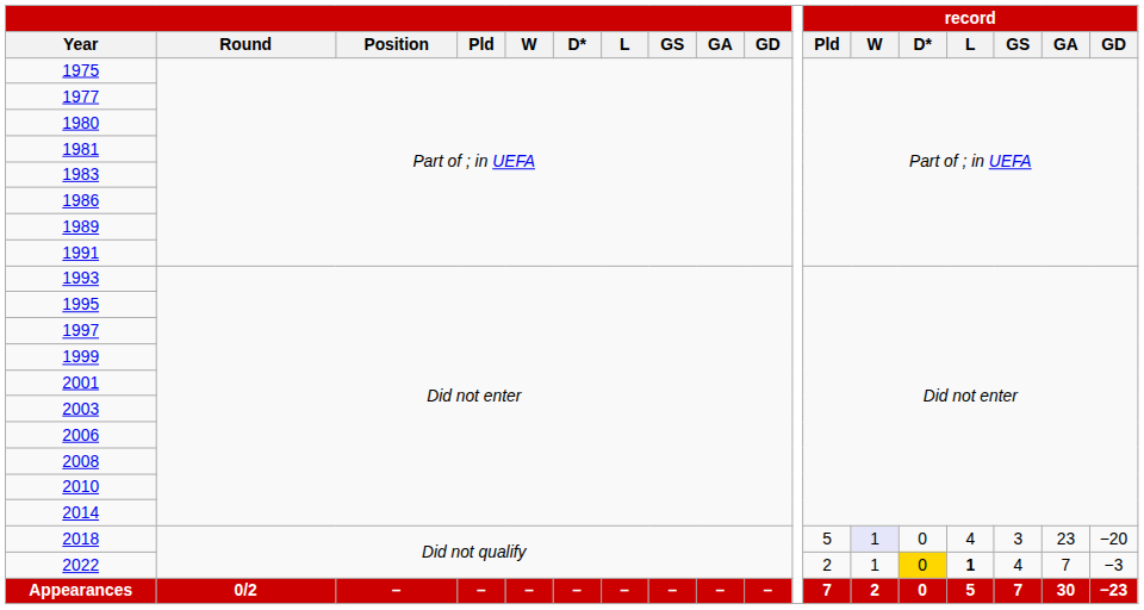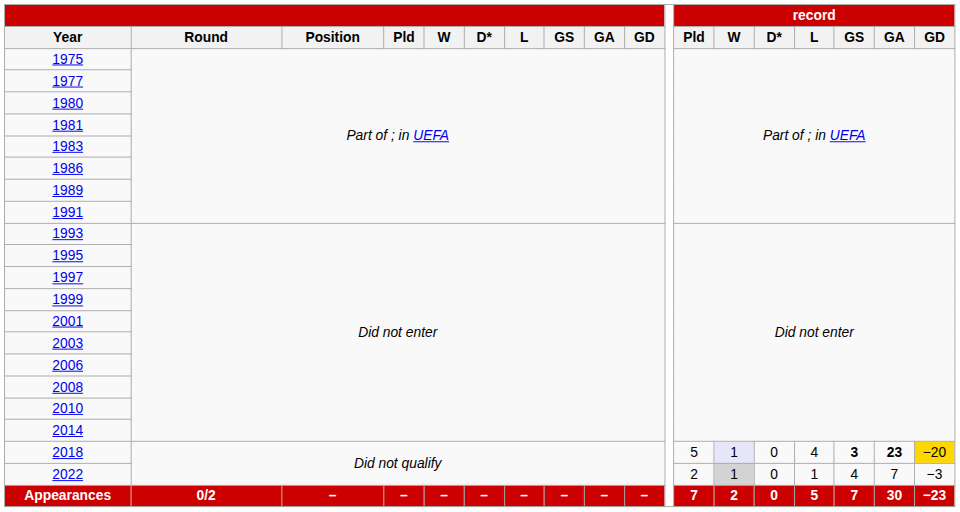 <table class="wikitable" style="text-align: center;font-size:90%;">
 <tr>
 <th colspan="10" style="background: #CC0000; color: #FFFFFF;"><a href='#'></a></th>
 <th style="width:1%;background:white" rowspan="25"></th>
 <th colspan="7" style="color:white; background:#CC0000;"><a href='#'></a> record</th>
 </tr>
 <tr>
 <th width=125>Year</th>
 <th width=150>Round</th>
 <th width=100>Position</th>
 <th width=35>Pld</th>
 <th width=35>W</th>
 <th width=35>D*</th>
 <th width=35>L</th>
 <th width=35>GS</th>
 <th width=35>GA</th>
 <th width=35>GD</th>
 <th width=35>Pld</th>
 <th width=35>W</th>
 <th width=35>D*</th>
 <th width=35>L</th>
 <th width=35>GS</th>
 <th width=35>GA</th>
 <th width=35>GD</th>
 </tr>
 <tr>
 <td> <a href='#'>1975</a></td>
 <td colspan="9" rowspan="8"><em>Part of ; in <a href='#'>UEFA</a></em></td>
 <td colspan="7" rowspan="8"><em>Part of ; in <a href='#'>UEFA</a></em></td>
 </tr>
 <tr>
 <td> <a href='#'>1977</a></td>
 </tr>
 <tr>
 <td> <a href='#'>1980</a></td>
 </tr>
 <tr>
 <td> <a href='#'>1981</a></td>
 </tr>
 <tr>
 <td> <a href='#'>1983</a></td>
 </tr>
 <tr>
 <td> <a href='#'>1986</a></td>
 </tr>
 <tr>
 <td> <a href='#'>1989</a></td>
 </tr>
 <tr>
 <td> <a href='#'>1991</a></td>
 </tr>
 <tr>
 <td> <a href='#'>1993</a></td>
 <td colspan="9" rowspan="10"><em>Did not enter</em></td>
 <td colspan="7" rowspan="10"><em>Did not enter</em></td>
 </tr>
 <tr>
 <td> <a href='#'>1995</a></td>
 </tr>
 <tr>
 <td> <a href='#'>1997</a></td>
 </tr>
 <tr>
 <td> <a href='#'>1999</a></td>
 </tr>
 <tr>
 <td> <a href='#'>2001</a></td>
 </tr>
 <tr>
 <td> <a href='#'>2003</a></td>
 </tr>
 <tr>
 <td> <a href='#'>2006</a></td>
 </tr>
 <tr>
 <td> <a href='#'>2008</a></td>
 </tr>
 <tr>
 <td> <a href='#'>2010</a></td>
 </tr>
 <tr>
 <td> <a href='#'>2014</a></td>
 </tr>
 <tr>
 <td> <a href='#'>2018</a></td>
 <td colspan="9" rowspan="2"><em>Did not qualify</em></td>
 <td>5</td>
 <td style="background: lavender;">1</td>
 <td>0</td>
 <td>4</td>
-<td>3</td>
-<td>23</td>
-<td>−20</td>
+<td><strong>3</strong></td>
+<td><strong>23</strong></td>
+<td style="background: gold;">−20</td>
 </tr>
 <tr>
 <td> <a href='#'>2022</a></td>
 <td>2</td>
+<td style="background: lightgrey;">1</td>
+<td>0</td>
 <td>1</td>
-<td style="background: gold;">0</td>
-<td><strong>1</strong></td>
 <td>4</td>
 <td>7</td>
 <td>−3</td>
 </tr>
 <tr>
 <td colspan=1 style="background: #CC0000; color: #FFFFFF;"><strong>Appearances</strong></td>
 <td style="background: #CC0000; color: #FFFFFF;"><strong>0/2</strong></td>
 <td style="background: #CC0000; color: #FFFFFF;"><strong>–</strong></td>
 <td style="background: #CC0000; color: #FFFFFF;"><strong>–</strong></td>
 <td style="background: #CC0000; color: #FFFFFF;"><strong>–</strong></td>
 <td style="background: #CC0000; color: #FFFFFF;"><strong>–</strong></td>
 <td style="background: #CC0000; color: #FFFFFF;"><strong>–</strong></td>
 <td style="background: #CC0000; color: #FFFFFF;"><strong>–</strong></td>
 <td style="background: #CC0000; color: #FFFFFF;"><strong>–</strong></td>
 <td style="background: #CC0000; color: #FFFFFF;"><strong>–</strong></td>
 <td style="background: #CC0000; color: #FFFFFF;"><strong>7</strong></td>
 <td style="background: #CC0000; color: #FFFFFF;"><strong>2</strong></td>
 <td style="background: #CC0000; color: #FFFFFF;"><strong>0</strong></td>
 <td style="background: #CC0000; color: #FFFFFF;"><strong>5</strong></td>
 <td style="background: #CC0000; color: #FFFFFF;"><strong>7</strong></td>
 <td style="background: #CC0000; color: #FFFFFF;"><strong>30</strong></td>
 <td style="background: #CC0000; color: #FFFFFF;"><strong>−23</strong></td>
 </tr>
 </table>
